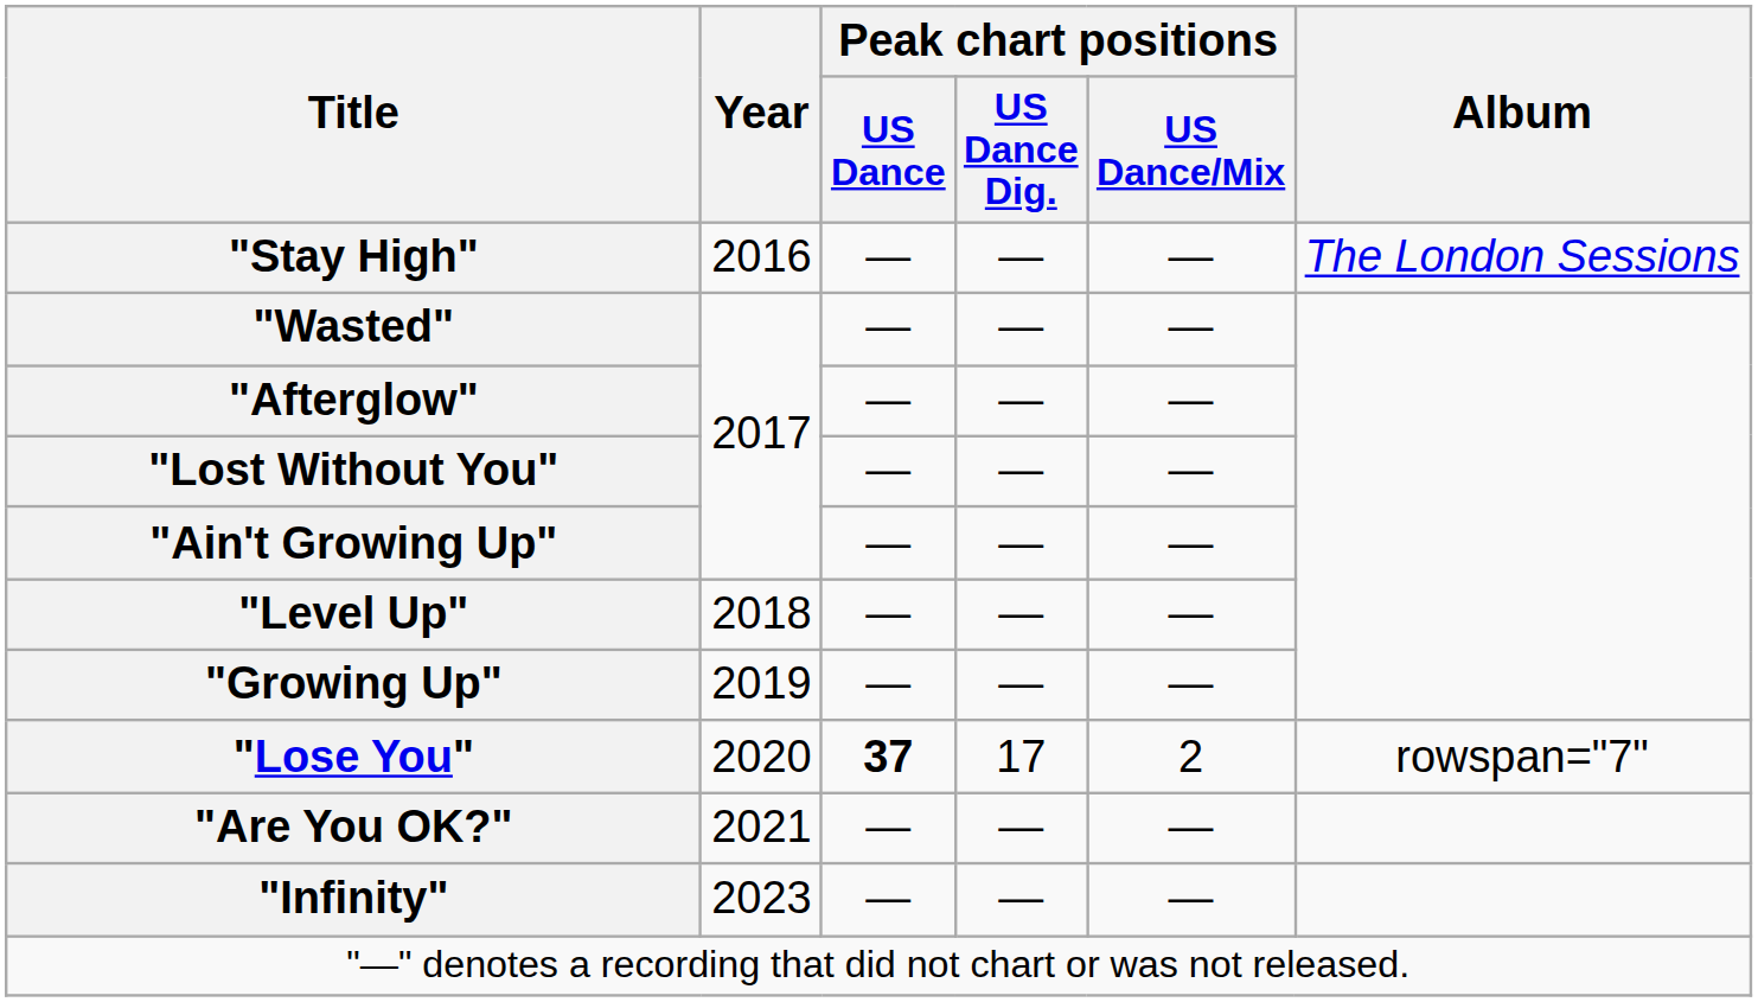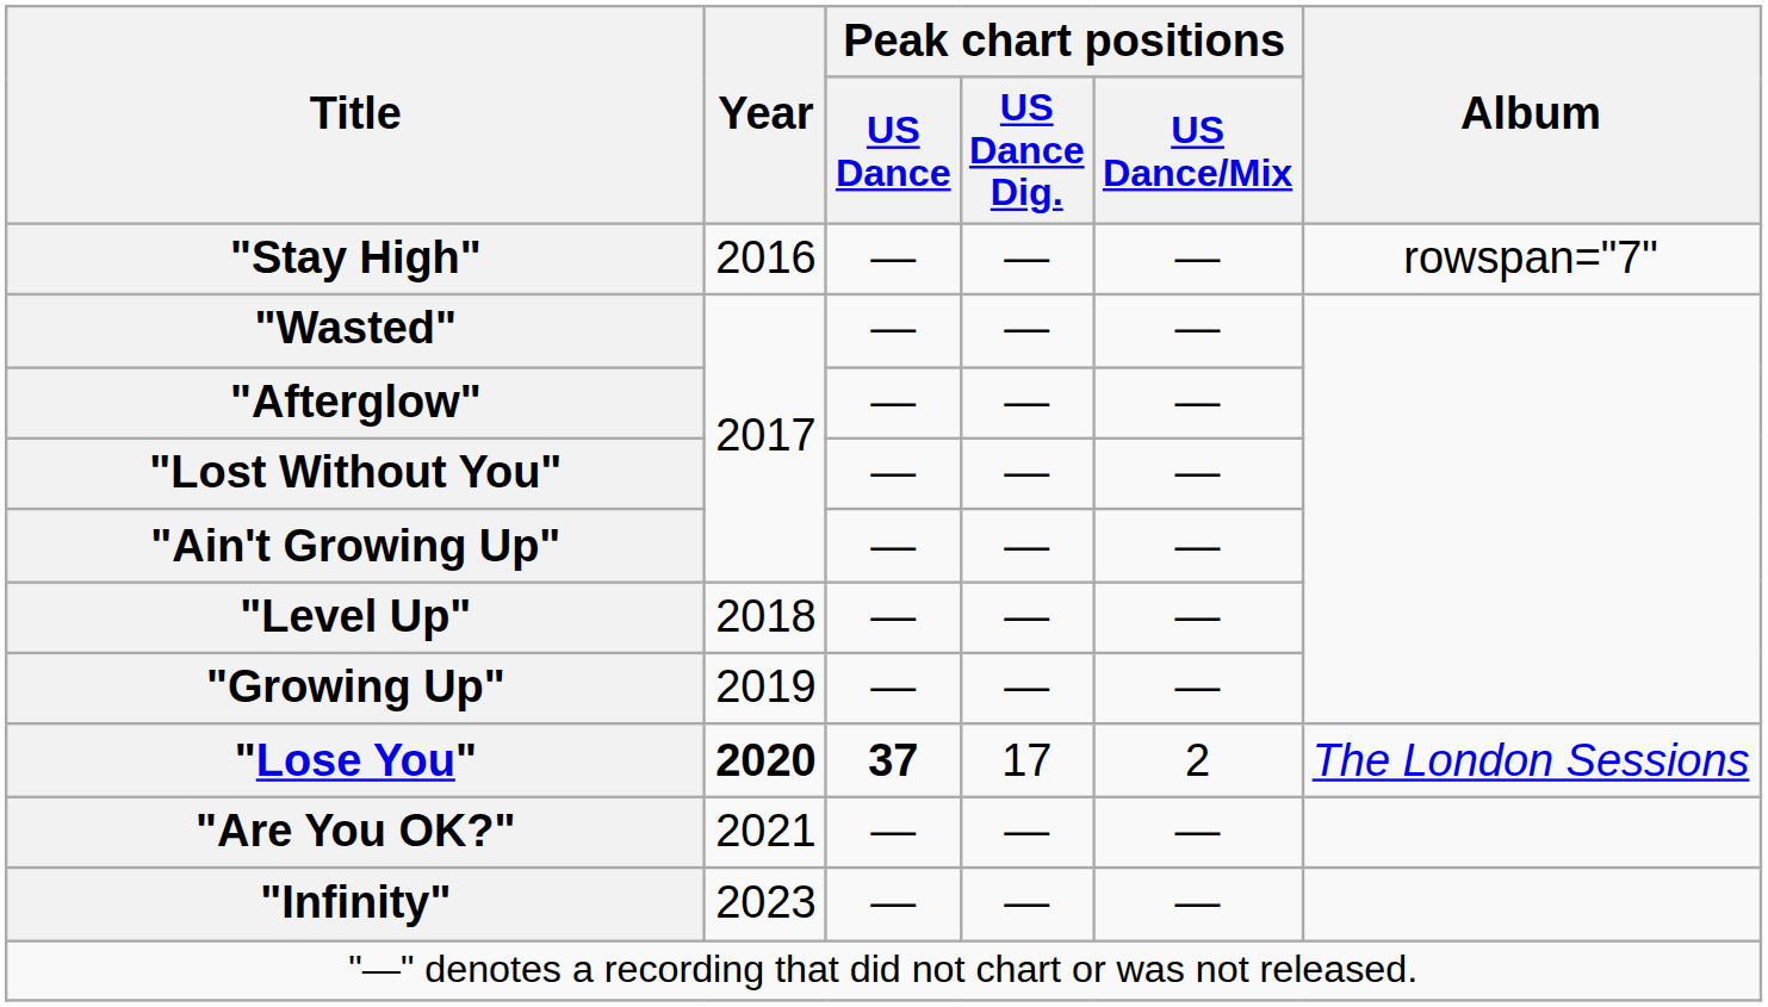 <table class="wikitable plainrowheaders" style="text-align:center;">
 <tr>
 <th rowspan="2" scope="col" style="width:15em;">Title</th>
 <th rowspan="2" scope="col" style="width:2em;">Year</th>
 <th colspan="3">Peak chart positions</th>
 <th rowspan="2" scope="col">Album</th>
 </tr>
 <tr>
 <th scope="col" style="width:3em;font-size:85%;"><a href='#'>US<br>Dance</a><br></th>
 <th scope="col" style="width:3em;font-size:85%;"><a href='#'>US<br>Dance<br>Dig.</a><br></th>
 <th scope="col" style="width:3em;font-size:85%;"><a href='#'>US<br>Dance/Mix</a><br></th>
 </tr>
 <tr>
 <th scope="row">"Stay High"<br></th>
 <td>2016</td>
 <td>—</td>
 <td>—</td>
 <td>—</td>
-<td><em><a href='#'>The London Sessions</a></em></td>
+<td>rowspan="7" </td>
 </tr>
 <tr>
 <th scope="row">"Wasted"<br></th>
 <td rowspan="4">2017</td>
 <td>—</td>
 <td>—</td>
 <td>—</td>
 </tr>
 <tr>
 <th scope="row">"Afterglow"<br></th>
 <td>—</td>
 <td>—</td>
 <td>—</td>
 </tr>
 <tr>
 <th scope="row">"Lost Without You"<br></th>
 <td>—</td>
 <td>—</td>
 <td>—</td>
 </tr>
 <tr>
 <th scope="row">"Ain't Growing Up"<br></th>
 <td>—</td>
 <td>—</td>
 <td>—</td>
 </tr>
 <tr>
 <th scope="row">"Level Up"<br></th>
 <td>2018</td>
 <td>—</td>
 <td>—</td>
 <td>—</td>
 </tr>
 <tr>
 <th scope="row">"Growing Up"<br></th>
 <td>2019</td>
 <td>—</td>
 <td>—</td>
 <td>—</td>
 </tr>
 <tr>
 <th scope="row">"<a href='#'>Lose You</a>"<br></th>
-<td>2020</td>
+<td><strong>2020</strong></td>
 <td><strong>37</strong></td>
 <td>17</td>
 <td>2</td>
-<td>rowspan="7" </td>
+<td><em><a href='#'>The London Sessions</a></em></td>
 </tr>
 <tr>
 <th scope="row">"Are You OK?" <br></th>
 <td>2021</td>
 <td>—</td>
 <td>—</td>
 <td>—</td>
 <td></td>
 </tr>
 <tr>
 <th scope="row">"Infinity" <br></th>
 <td>2023</td>
 <td>—</td>
 <td>—</td>
 <td>—</td>
 <td></td>
 </tr>
 <tr>
 <td colspan="7" style="font-size:85%">"—" denotes a recording that did not chart or was not released.</td>
 </tr>
 </table>
